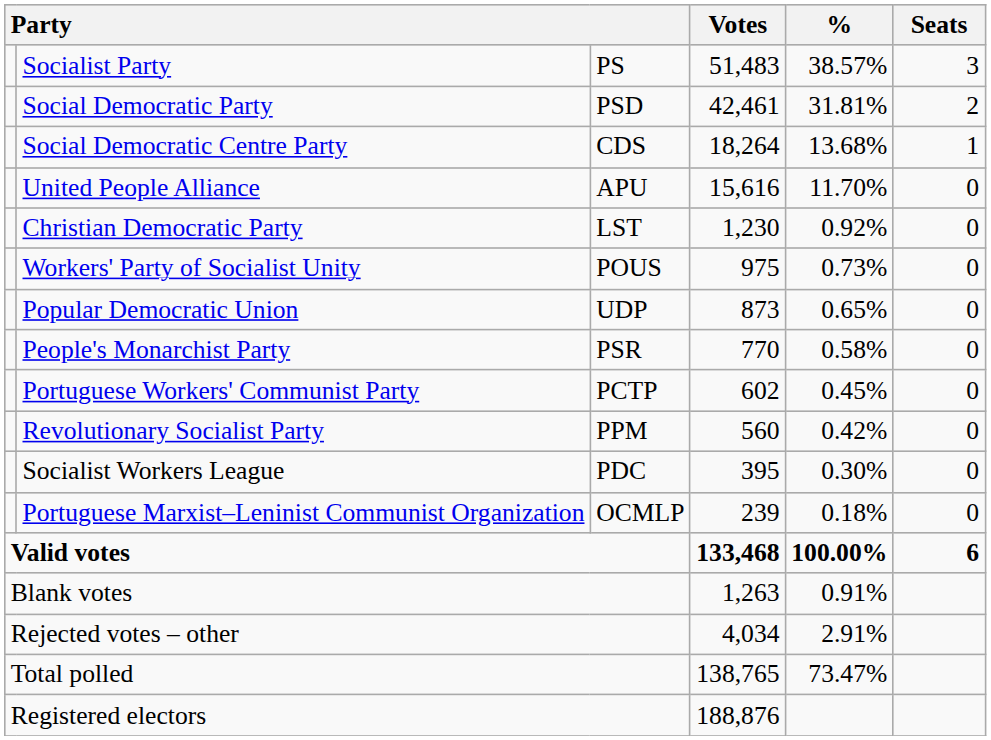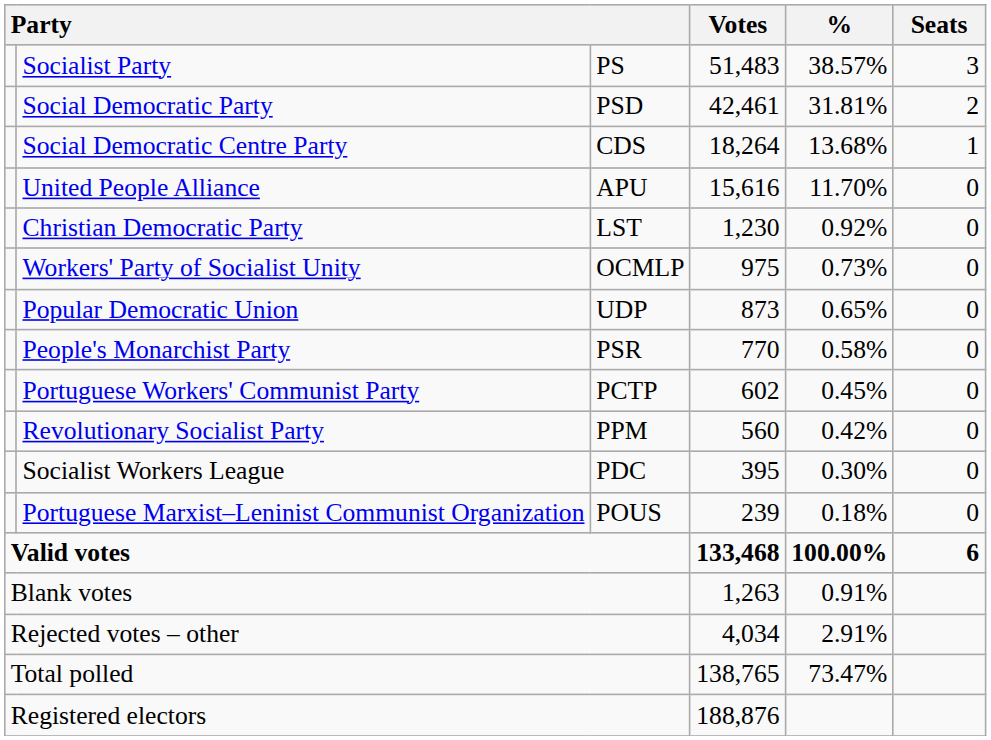 <table class="wikitable" border="1" style="text-align:right;">
 <tr>
 <th style="text-align:left;" colspan=3>Party</th>
 <th align=center width="50">Votes</th>
 <th align=center width="50">%</th>
 <th align=center width="50">Seats</th>
 </tr>
 <tr>
 <td></td>
 <td align=left><a href='#'>Socialist Party</a></td>
 <td align=left>PS</td>
 <td>51,483</td>
 <td>38.57%</td>
 <td>3</td>
 </tr>
 <tr>
 <td></td>
 <td align=left><a href='#'>Social Democratic Party</a></td>
 <td align=left>PSD</td>
 <td>42,461</td>
 <td>31.81%</td>
 <td>2</td>
 </tr>
 <tr>
 <td></td>
 <td align=left style="white-space: nowrap;"><a href='#'>Social Democratic Centre Party</a></td>
 <td align=left>CDS</td>
 <td>18,264</td>
 <td>13.68%</td>
 <td>1</td>
 </tr>
 <tr>
 <td></td>
 <td align=left><a href='#'>United People Alliance</a></td>
 <td align=left>APU</td>
 <td>15,616</td>
 <td>11.70%</td>
 <td>0</td>
 </tr>
 <tr>
 <td></td>
 <td align=left style="white-space: nowrap;"><a href='#'>Christian Democratic Party</a></td>
 <td align=left>LST</td>
 <td>1,230</td>
 <td>0.92%</td>
 <td>0</td>
 </tr>
 <tr>
 <td></td>
 <td align=left><a href='#'>Workers' Party of Socialist Unity</a></td>
-<td align=left>POUS</td>
+<td align=left>OCMLP</td>
 <td>975</td>
 <td>0.73%</td>
 <td>0</td>
 </tr>
 <tr>
 <td></td>
 <td align=left><a href='#'>Popular Democratic Union</a></td>
 <td align=left>UDP</td>
 <td>873</td>
 <td>0.65%</td>
 <td>0</td>
 </tr>
 <tr>
 <td></td>
 <td align=left><a href='#'>People's Monarchist Party</a></td>
 <td align=left>PSR</td>
 <td>770</td>
 <td>0.58%</td>
 <td>0</td>
 </tr>
 <tr>
 <td></td>
 <td align=left><a href='#'>Portuguese Workers' Communist Party</a></td>
 <td align=left>PCTP</td>
 <td>602</td>
 <td>0.45%</td>
 <td>0</td>
 </tr>
 <tr>
 <td></td>
 <td align=left><a href='#'>Revolutionary Socialist Party</a></td>
 <td align=left>PPM</td>
 <td>560</td>
 <td>0.42%</td>
 <td>0</td>
 </tr>
 <tr>
 <td></td>
 <td align=left>Socialist Workers League</td>
 <td align=left>PDC</td>
 <td>395</td>
 <td>0.30%</td>
 <td>0</td>
 </tr>
 <tr>
 <td></td>
 <td align=left><a href='#'>Portuguese Marxist–Leninist Communist Organization</a></td>
-<td align=left>OCMLP</td>
+<td align=left>POUS</td>
 <td>239</td>
 <td>0.18%</td>
 <td>0</td>
 </tr>
 <tr style="font-weight:bold">
 <td align=left colspan=3>Valid votes</td>
 <td>133,468</td>
 <td>100.00%</td>
 <td>6</td>
 </tr>
 <tr>
 <td align=left colspan=3>Blank votes</td>
 <td>1,263</td>
 <td>0.91%</td>
 <td></td>
 </tr>
 <tr>
 <td align=left colspan=3>Rejected votes – other</td>
 <td>4,034</td>
 <td>2.91%</td>
 <td></td>
 </tr>
 <tr>
 <td align=left colspan=3>Total polled</td>
 <td>138,765</td>
 <td>73.47%</td>
 <td></td>
 </tr>
 <tr>
 <td align=left colspan=3>Registered electors</td>
 <td>188,876</td>
 <td></td>
 <td></td>
 </tr>
 </table>
